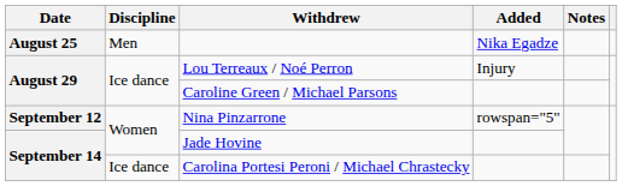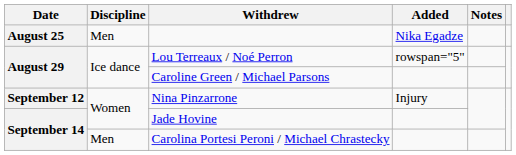 <table class="wikitable unsortable" style="text-align:left;">
 <tr>
 <th scope="col">Date</th>
 <th scope="col">Discipline</th>
 <th scope="col">Withdrew</th>
 <th scope="col">Added</th>
 <th scope="col">Notes</th>
 <th scope="col"></th>
 </tr>
 <tr>
 <th scope="row" style="text-align:left">August 25</th>
 <td>Men</td>
 <td></td>
 <td> <a href='#'>Nika Egadze</a></td>
 <td></td>
 <td></td>
 </tr>
 <tr>
 <th scope="row" style="text-align:left" rowspan="2">August 29</th>
 <td rowspan="2">Ice dance</td>
 <td> <a href='#'>Lou Terreaux</a> / <a href='#'>Noé Perron</a></td>
-<td>Injury</td>
+<td>rowspan="5" </td>
 <td></td>
 <td rowspan=2></td>
 </tr>
 <tr>
 <td> <a href='#'>Caroline Green</a> / <a href='#'>Michael Parsons</a></td>
 <td></td>
 </tr>
 <tr>
 <th scope="row" style="text-align:left">September 12</th>
 <td rowspan="2">Women</td>
 <td> <a href='#'>Nina Pinzarrone</a></td>
-<td>rowspan="5" </td>
+<td>Injury</td>
 <td rowspan="2"></td>
 </tr>
 <tr>
 <th scope="row" style="text-align:left" rowspan="2">September 14</th>
 <td> <a href='#'>Jade Hovine</a></td>
 <td></td>
 </tr>
 <tr>
-<td>Ice dance</td>
+<td>Men</td>
 <td> <a href='#'>Carolina Portesi Peroni</a> / <a href='#'>Michael Chrastecky</a></td>
 <td></td>
 <td></td>
 </tr>
 </table>
